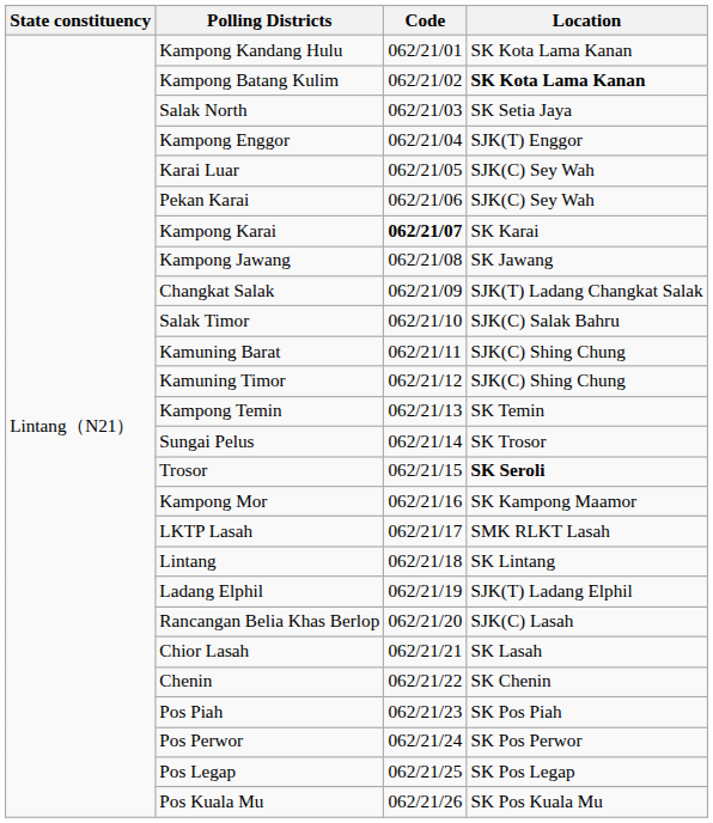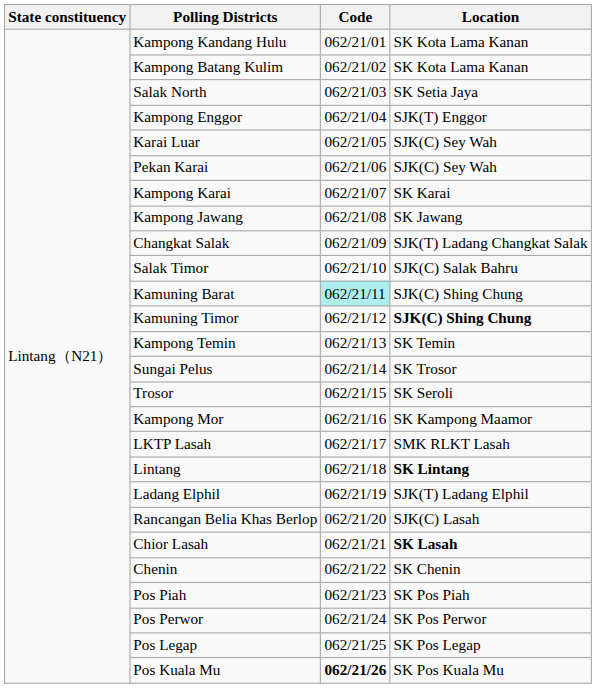 <table class="wikitable sortable mw-collapsible" style="white-space:nowrap;font-size:85%">
 <tr>
 <th>State constituency</th>
 <th>Polling Districts</th>
 <th>Code</th>
 <th>Location</th>
 </tr>
 <tr>
 <td rowspan="26">Lintang（N21）</td>
 <td>Kampong Kandang Hulu</td>
 <td>062/21/01</td>
 <td>SK Kota Lama Kanan</td>
 </tr>
 <tr>
 <td>Kampong Batang Kulim</td>
 <td>062/21/02</td>
-<td><strong>SK Kota Lama Kanan</strong></td>
+<td>SK Kota Lama Kanan</td>
 </tr>
 <tr>
 <td>Salak North</td>
 <td>062/21/03</td>
 <td>SK Setia Jaya</td>
 </tr>
 <tr>
 <td>Kampong Enggor</td>
 <td>062/21/04</td>
 <td>SJK(T) Enggor</td>
 </tr>
 <tr>
 <td>Karai Luar</td>
 <td>062/21/05</td>
 <td>SJK(C) Sey Wah</td>
 </tr>
 <tr>
 <td>Pekan Karai</td>
 <td>062/21/06</td>
 <td>SJK(C) Sey Wah</td>
 </tr>
 <tr>
 <td>Kampong Karai</td>
-<td><strong>062/21/07</strong></td>
+<td>062/21/07</td>
 <td>SK Karai</td>
 </tr>
 <tr>
 <td>Kampong Jawang</td>
 <td>062/21/08</td>
 <td>SK Jawang</td>
 </tr>
 <tr>
 <td>Changkat Salak</td>
 <td>062/21/09</td>
 <td>SJK(T) Ladang Changkat Salak</td>
 </tr>
 <tr>
 <td>Salak Timor</td>
 <td>062/21/10</td>
 <td>SJK(C) Salak Bahru</td>
 </tr>
 <tr>
 <td>Kamuning Barat</td>
-<td>062/21/11</td>
+<td style="background: paleturquoise;">062/21/11</td>
 <td>SJK(C) Shing Chung</td>
 </tr>
 <tr>
 <td>Kamuning Timor</td>
 <td>062/21/12</td>
-<td>SJK(C) Shing Chung</td>
+<td><strong>SJK(C) Shing Chung</strong></td>
 </tr>
 <tr>
 <td>Kampong Temin</td>
 <td>062/21/13</td>
 <td>SK Temin</td>
 </tr>
 <tr>
 <td>Sungai Pelus</td>
 <td>062/21/14</td>
 <td>SK Trosor</td>
 </tr>
 <tr>
 <td>Trosor</td>
 <td>062/21/15</td>
-<td><strong>SK Seroli</strong></td>
+<td>SK Seroli</td>
 </tr>
 <tr>
 <td>Kampong Mor</td>
 <td>062/21/16</td>
 <td>SK Kampong Maamor</td>
 </tr>
 <tr>
 <td>LKTP Lasah</td>
 <td>062/21/17</td>
 <td>SMK RLKT Lasah</td>
 </tr>
 <tr>
 <td>Lintang</td>
 <td>062/21/18</td>
-<td>SK Lintang</td>
+<td><strong>SK Lintang</strong></td>
 </tr>
 <tr>
 <td>Ladang Elphil</td>
 <td>062/21/19</td>
 <td>SJK(T) Ladang Elphil</td>
 </tr>
 <tr>
 <td>Rancangan Belia Khas Berlop</td>
 <td>062/21/20</td>
 <td>SJK(C) Lasah</td>
 </tr>
 <tr>
 <td>Chior Lasah</td>
 <td>062/21/21</td>
-<td>SK Lasah</td>
+<td><strong>SK Lasah</strong></td>
 </tr>
 <tr>
 <td>Chenin</td>
 <td>062/21/22</td>
 <td>SK Chenin</td>
 </tr>
 <tr>
 <td>Pos Piah</td>
 <td>062/21/23</td>
 <td>SK Pos Piah</td>
 </tr>
 <tr>
 <td>Pos Perwor</td>
 <td>062/21/24</td>
 <td>SK Pos Perwor</td>
 </tr>
 <tr>
 <td>Pos Legap</td>
 <td>062/21/25</td>
 <td>SK Pos Legap</td>
 </tr>
 <tr>
 <td>Pos Kuala Mu</td>
-<td>062/21/26</td>
+<td><strong>062/21/26</strong></td>
 <td>SK Pos Kuala Mu</td>
 </tr>
 </table>
